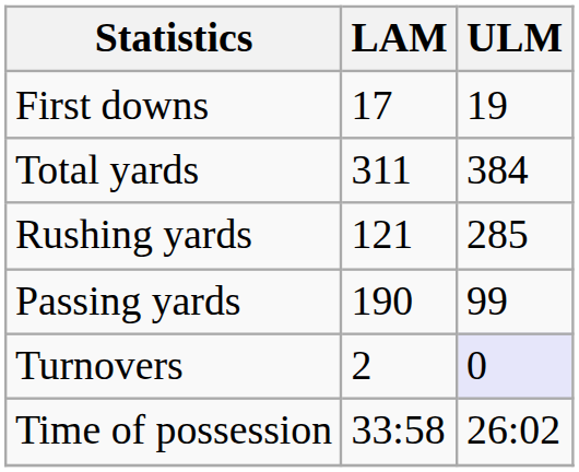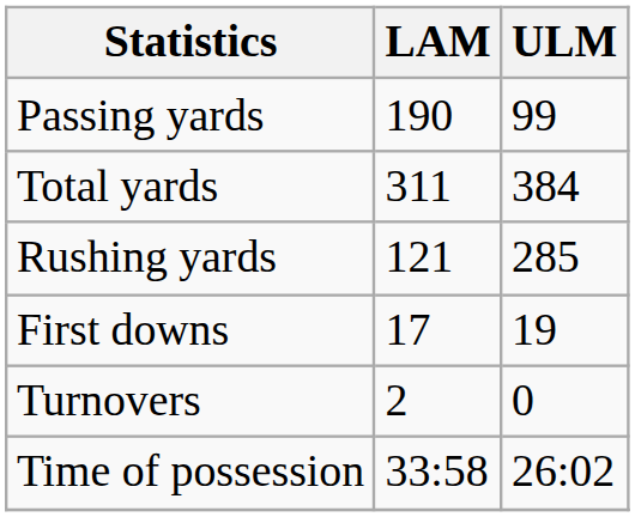 <table class="wikitable" style="float: left;">
 <tr>
 <th>Statistics</th>
 <th>LAM</th>
 <th>ULM</th>
 </tr>
 <tr>
-<td>First downs</td>
-<td>17</td>
-<td>19</td>
+<td>Passing yards</td>
+<td>190</td>
+<td>99</td>
 </tr>
 <tr>
 <td>Total yards</td>
 <td>311</td>
 <td>384</td>
 </tr>
 <tr>
 <td>Rushing yards</td>
 <td>121</td>
 <td>285</td>
 </tr>
 <tr>
-<td>Passing yards</td>
-<td>190</td>
-<td>99</td>
+<td>First downs</td>
+<td>17</td>
+<td>19</td>
 </tr>
 <tr>
 <td>Turnovers</td>
 <td>2</td>
-<td style="background: lavender;">0</td>
+<td>0</td>
 </tr>
 <tr>
 <td>Time of possession</td>
 <td>33:58</td>
 <td>26:02</td>
 </tr>
 <tr>
 </tr>
 </table>
